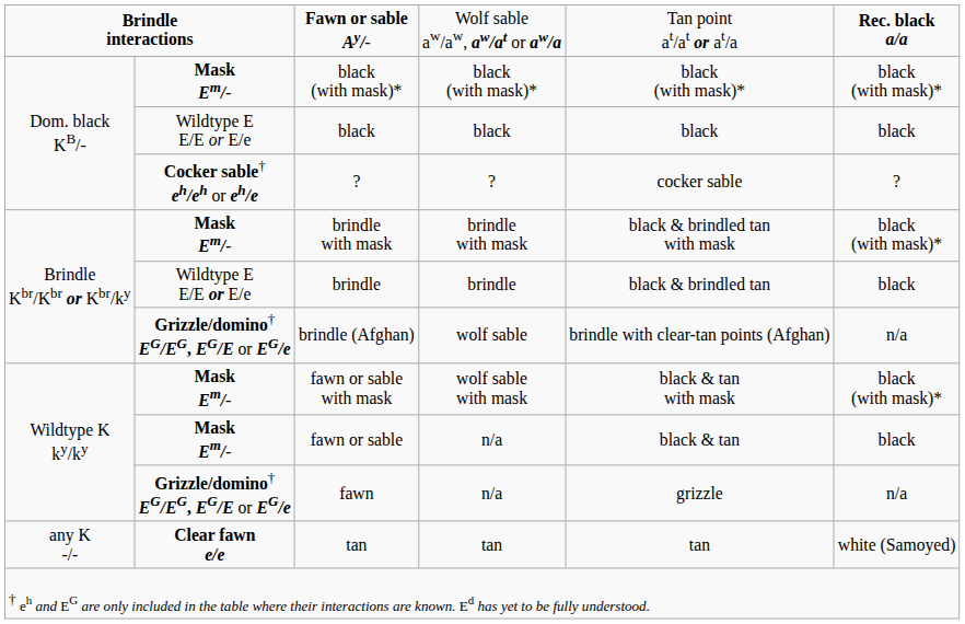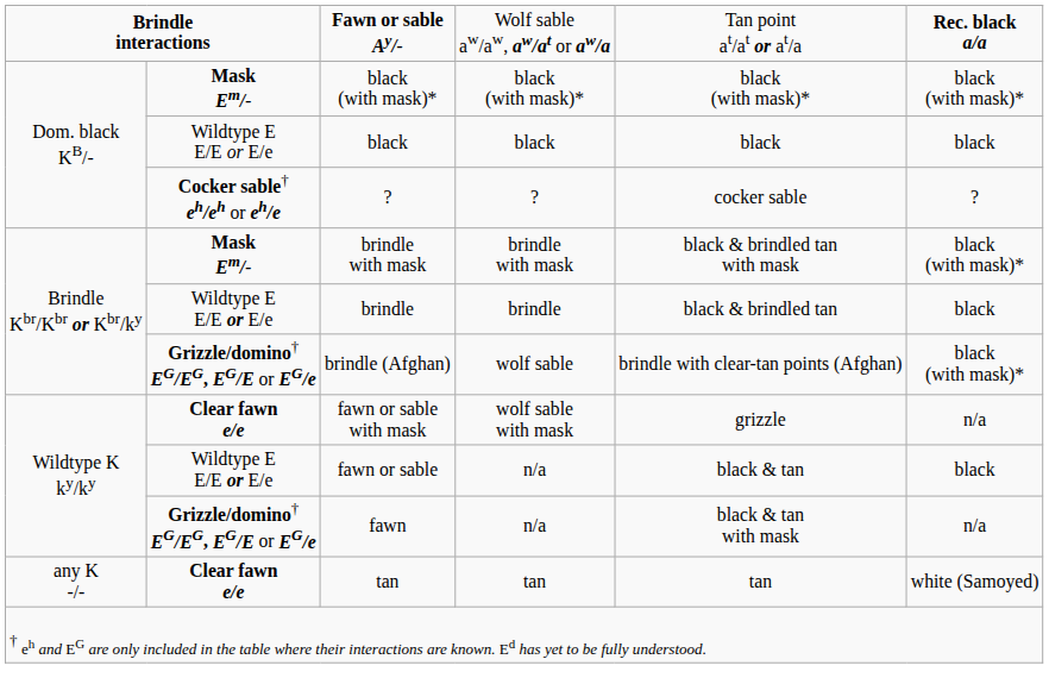 <table class="wikitable">
 <tr>
 <td colspan="2" align="center"><strong>Brindle<br>interactions</strong></td>
 <td align="center"><strong>Fawn or sable<br><em>A<sup>y</sup>/-<strong><em></td>
 <td align="center"></strong>Wolf sable<br></em>a<sup>w</sup>/a<sup>w</sup></em></strong>,<strong> <em>a<sup>w</sup>/a<sup>t</sup></em> </strong>or<strong> <em>a<sup>w</sup>/a<strong><em></td>
 <td align="center"></strong>Tan point<br></em>a<sup>t</sup>/a<sup>t</sup><em> <strong>or</strong> </em>a<sup>t</sup>/a</em></strong></td>
 <td align="center"><strong>Rec. black<br><em>a/a<strong><em></td>
 </tr>
 <tr>
 <td rowspan="3" align="center"></strong>Dom. black<br></em>K<sup>B</sup>/-</em></strong></td>
 <td align="center"><strong>Mask<br><em>E<sup>m</sup>/-<strong><em></td>
 <td align="center">black<br>(with mask)*</td>
 <td align="center">black<br>(with mask)*</td>
 <td align="center">black<br>(with mask)*</td>
 <td align="center">black<br>(with mask)*</td>
 </tr>
 <tr>
 <td align="center"></strong>Wildtype E<br></em>E/E<em> or </em>E/e</em></strong></td>
 <td align="center">black</td>
 <td align="center">black</td>
 <td align="center">black</td>
 <td align="center">black</td>
 </tr>
 <tr>
 <td align="center"><strong>Cocker sable</strong><sup>†</sup><strong><br><em>e<sup>h</sup>/e<sup>h</sup></em> </strong>or<strong> <em>e<sup>h</sup>/e<strong><em></td>
 <td align="center">?</td>
 <td align="center">?</td>
 <td align="center">cocker sable</td>
 <td align="center">?</td>
 </tr>
 <tr>
 <td rowspan="3" align="center"></strong>Brindle<br></em>K<sup>br</sup>/K<sup>br</sup><em> <strong>or</strong> </em>K<sup>br</sup>/k<sup>y</sup></em></strong></td>
 <td align="center"><strong>Mask<br><em>E<sup>m</sup>/-<strong><em></td>
 <td align="center">brindle<br>with mask</td>
 <td align="center">brindle<br>with mask</td>
 <td align="center">black & brindled tan<br>with mask</td>
 <td align="center">black<br>(with mask)*</td>
 </tr>
 <tr>
 <td align="center"></strong>Wildtype E<br></em>E/E<em> <strong>or</strong> </em>E/e</em></strong></td>
 <td align="center">brindle</td>
 <td align="center">brindle</td>
 <td align="center">black & brindled tan</td>
 <td align="center">black</td>
 </tr>
 <tr>
 <td align="center"><strong>Grizzle/domino</strong><sup>†</sup><strong><br><em>E<sup>G</sup>/E<sup>G</sup></em>, <em>E<sup>G</sup>/E</em> </strong>or<strong> <em>E<sup>G</sup>/e<strong><em></td>
 <td align="center">brindle (Afghan)</td>
 <td align="center">wolf sable</td>
 <td align="center">brindle with clear-tan points (Afghan)</td>
+<td align="center">black<br>(with mask)*</td>
+</tr>
+<tr>
+<td rowspan="3" align="center"></strong>Wildtype K<br></em>k<sup>y</sup>/k<sup>y</sup></em></strong></td>
+<td align="center"><strong>Clear fawn<br><em>e/e<strong><em></td>
+<td align="center">fawn or sable<br>with mask</td>
+<td align="center">wolf sable<br>with mask</td>
+<td align="center">grizzle</td>
 <td align="center">n/a</td>
 </tr>
 <tr>
-<td rowspan="3" align="center"></strong>Wildtype K<br></em>k<sup>y</sup>/k<sup>y</sup></em></strong></td>
-<td align="center"><strong>Mask<br><em>E<sup>m</sup>/-<strong><em></td>
-<td align="center">fawn or sable<br>with mask</td>
-<td align="center">wolf sable<br>with mask</td>
-<td align="center">black & tan<br>with mask</td>
-<td align="center">black<br>(with mask)*</td>
-</tr>
-<tr>
-<td align="center"><strong>Mask<br><em>E<sup>m</sup>/-<strong><em></td>
+<td align="center"></strong>Wildtype E<br></em>E/E<em> <strong>or</strong> </em>E/e</em></strong></td>
 <td align="center">fawn or sable</td>
 <td align="center">n/a</td>
 <td align="center">black & tan</td>
 <td align="center">black</td>
 </tr>
 <tr>
 <td align="center"><strong>Grizzle/domino</strong><sup>†</sup><strong><br><em>E<sup>G</sup>/E<sup>G</sup></em>, <em>E<sup>G</sup>/E</em> </strong>or<strong> <em>E<sup>G</sup>/e<strong><em></td>
 <td align="center">fawn</td>
 <td align="center">n/a</td>
-<td align="center">grizzle</td>
+<td align="center">black & tan<br>with mask</td>
 <td align="center">n/a</td>
 </tr>
 <tr>
 <td align="center"></strong>any K<br></em>-/-</em></strong></td>
 <td align="center"><strong>Clear fawn<br><em>e/e<strong><em></td>
 <td align="center">tan</td>
 <td align="center">tan</td>
 <td align="center">tan</td>
 <td align="center">white (Samoyed)</td>
 </tr>
 <tr>
 <td colspan="6"><br><sup>†</sup><small> </em>e<sup>h</sup><em> and </em>E<sup>G</sup><em> are only included in the table where their interactions are known.  </em>E<sup>d</sup><em> has yet to be fully understood.</small></td>
 </tr>
 </table>
